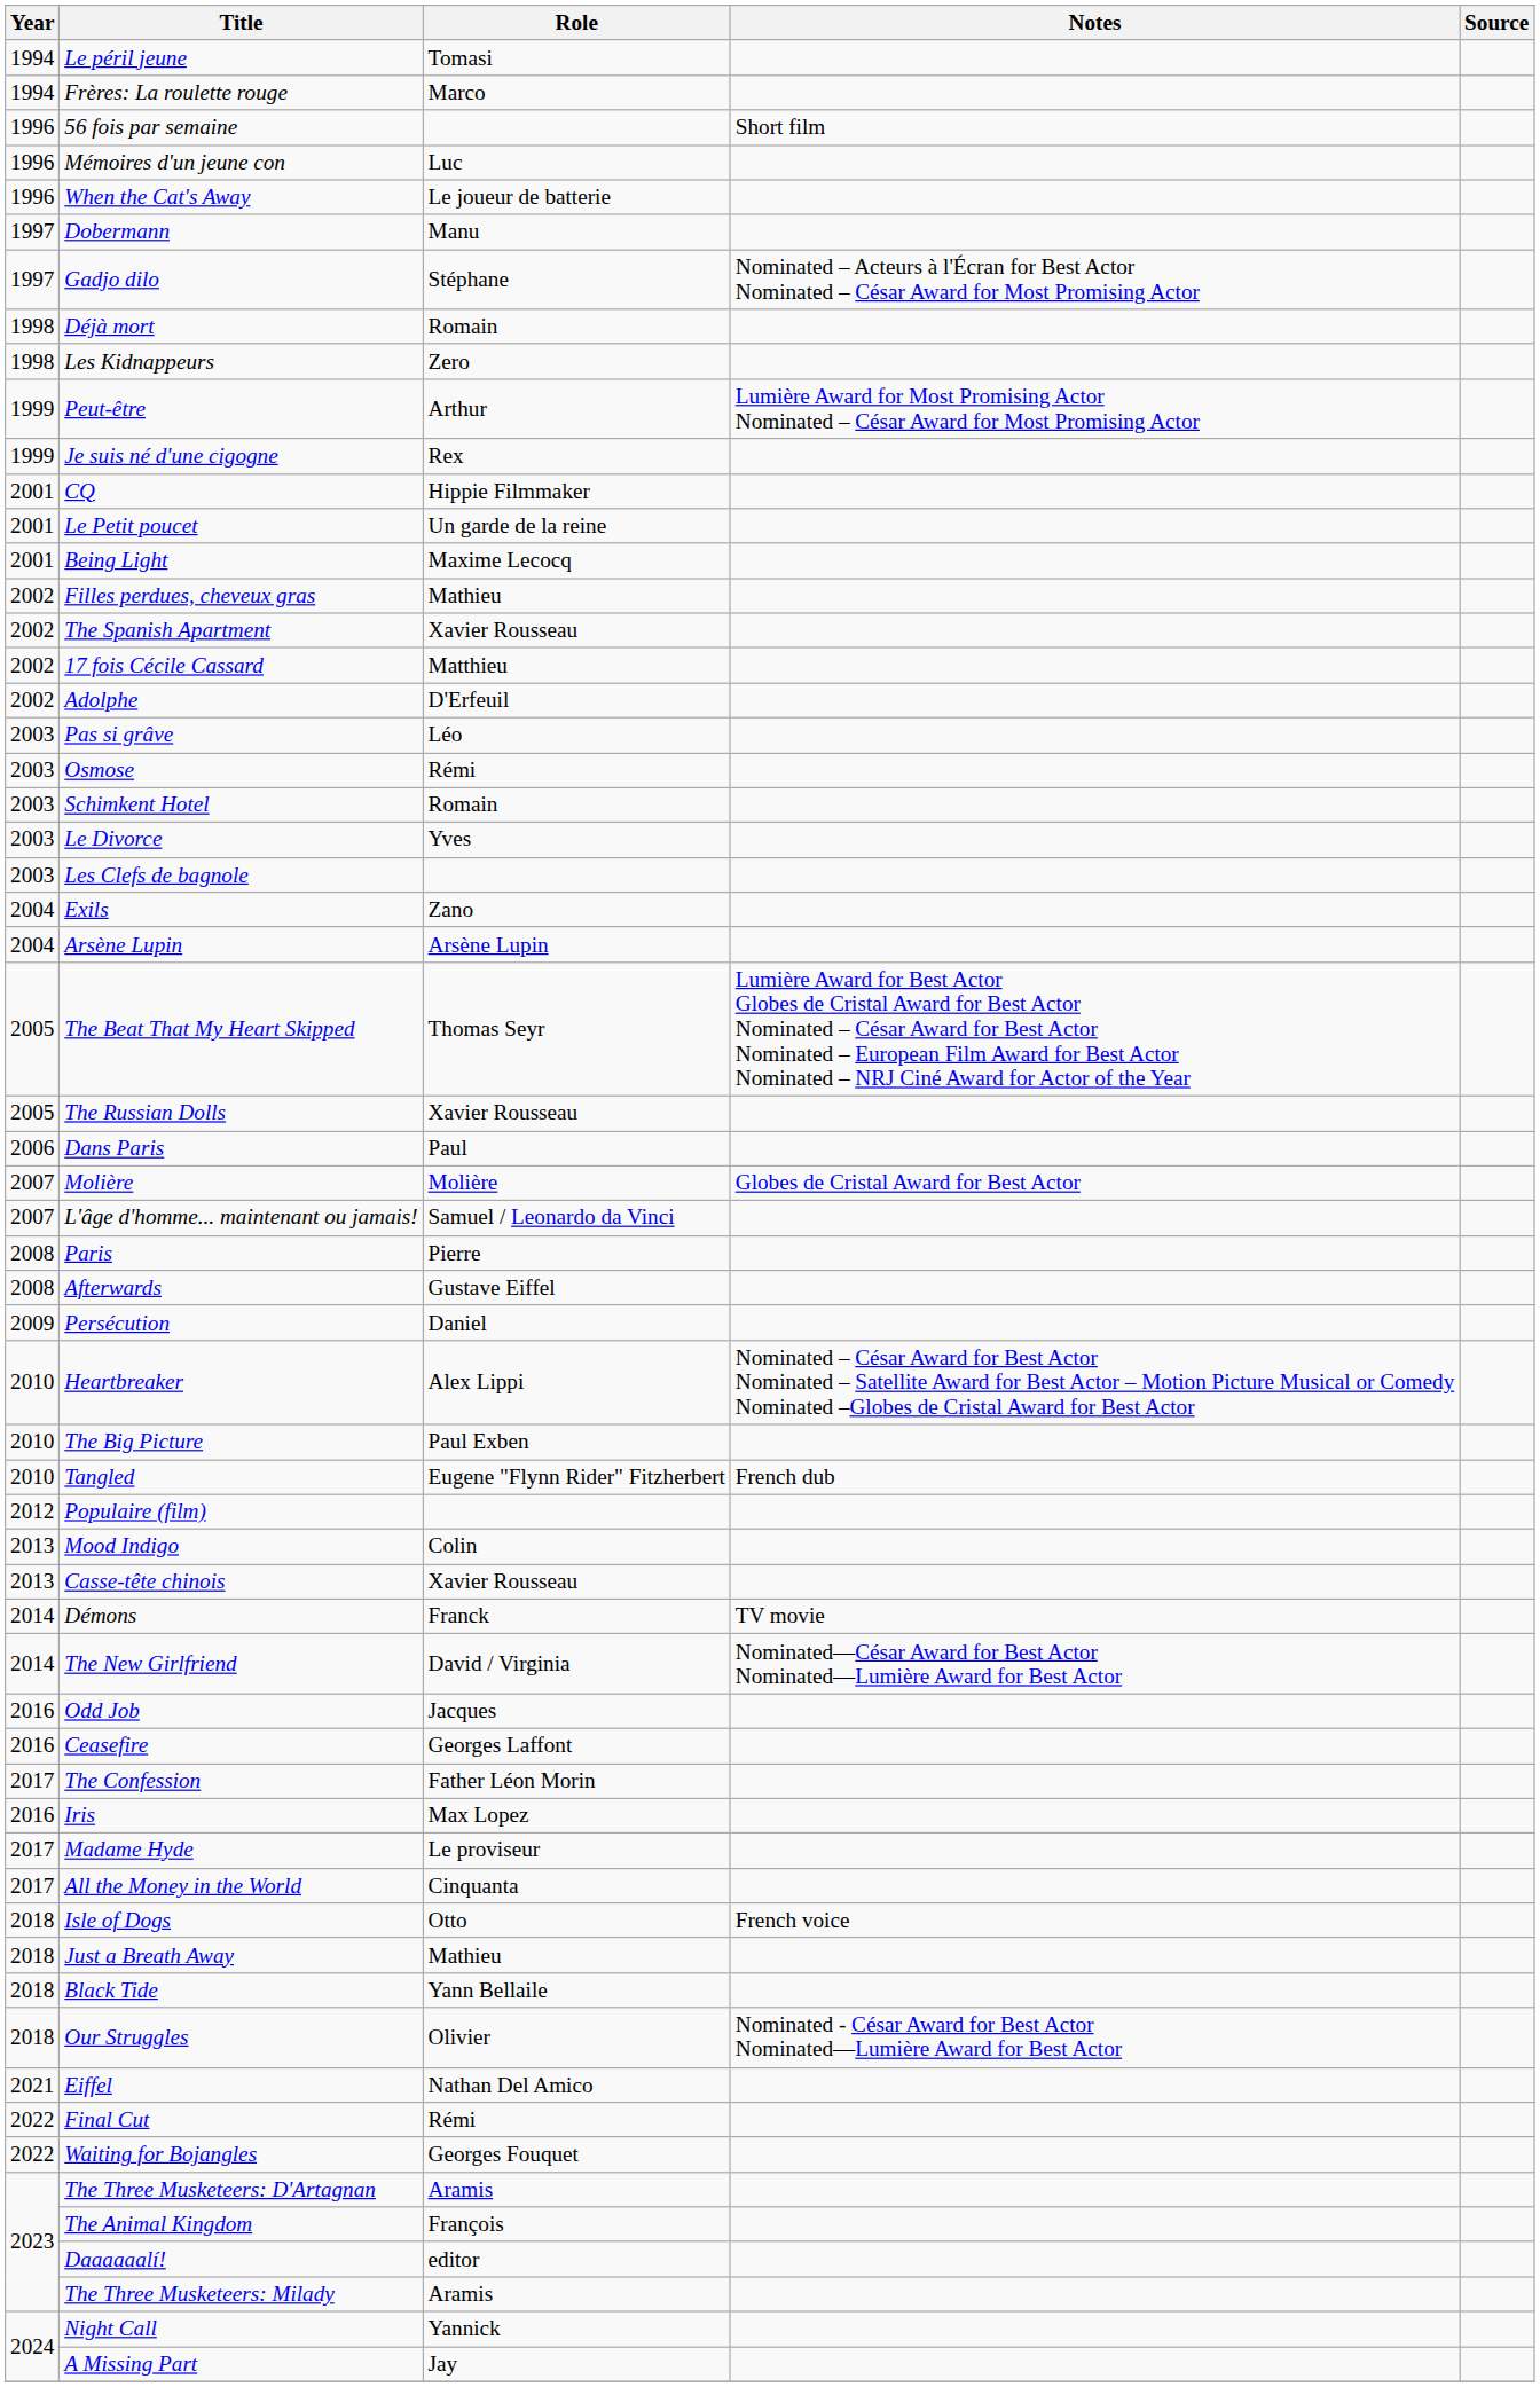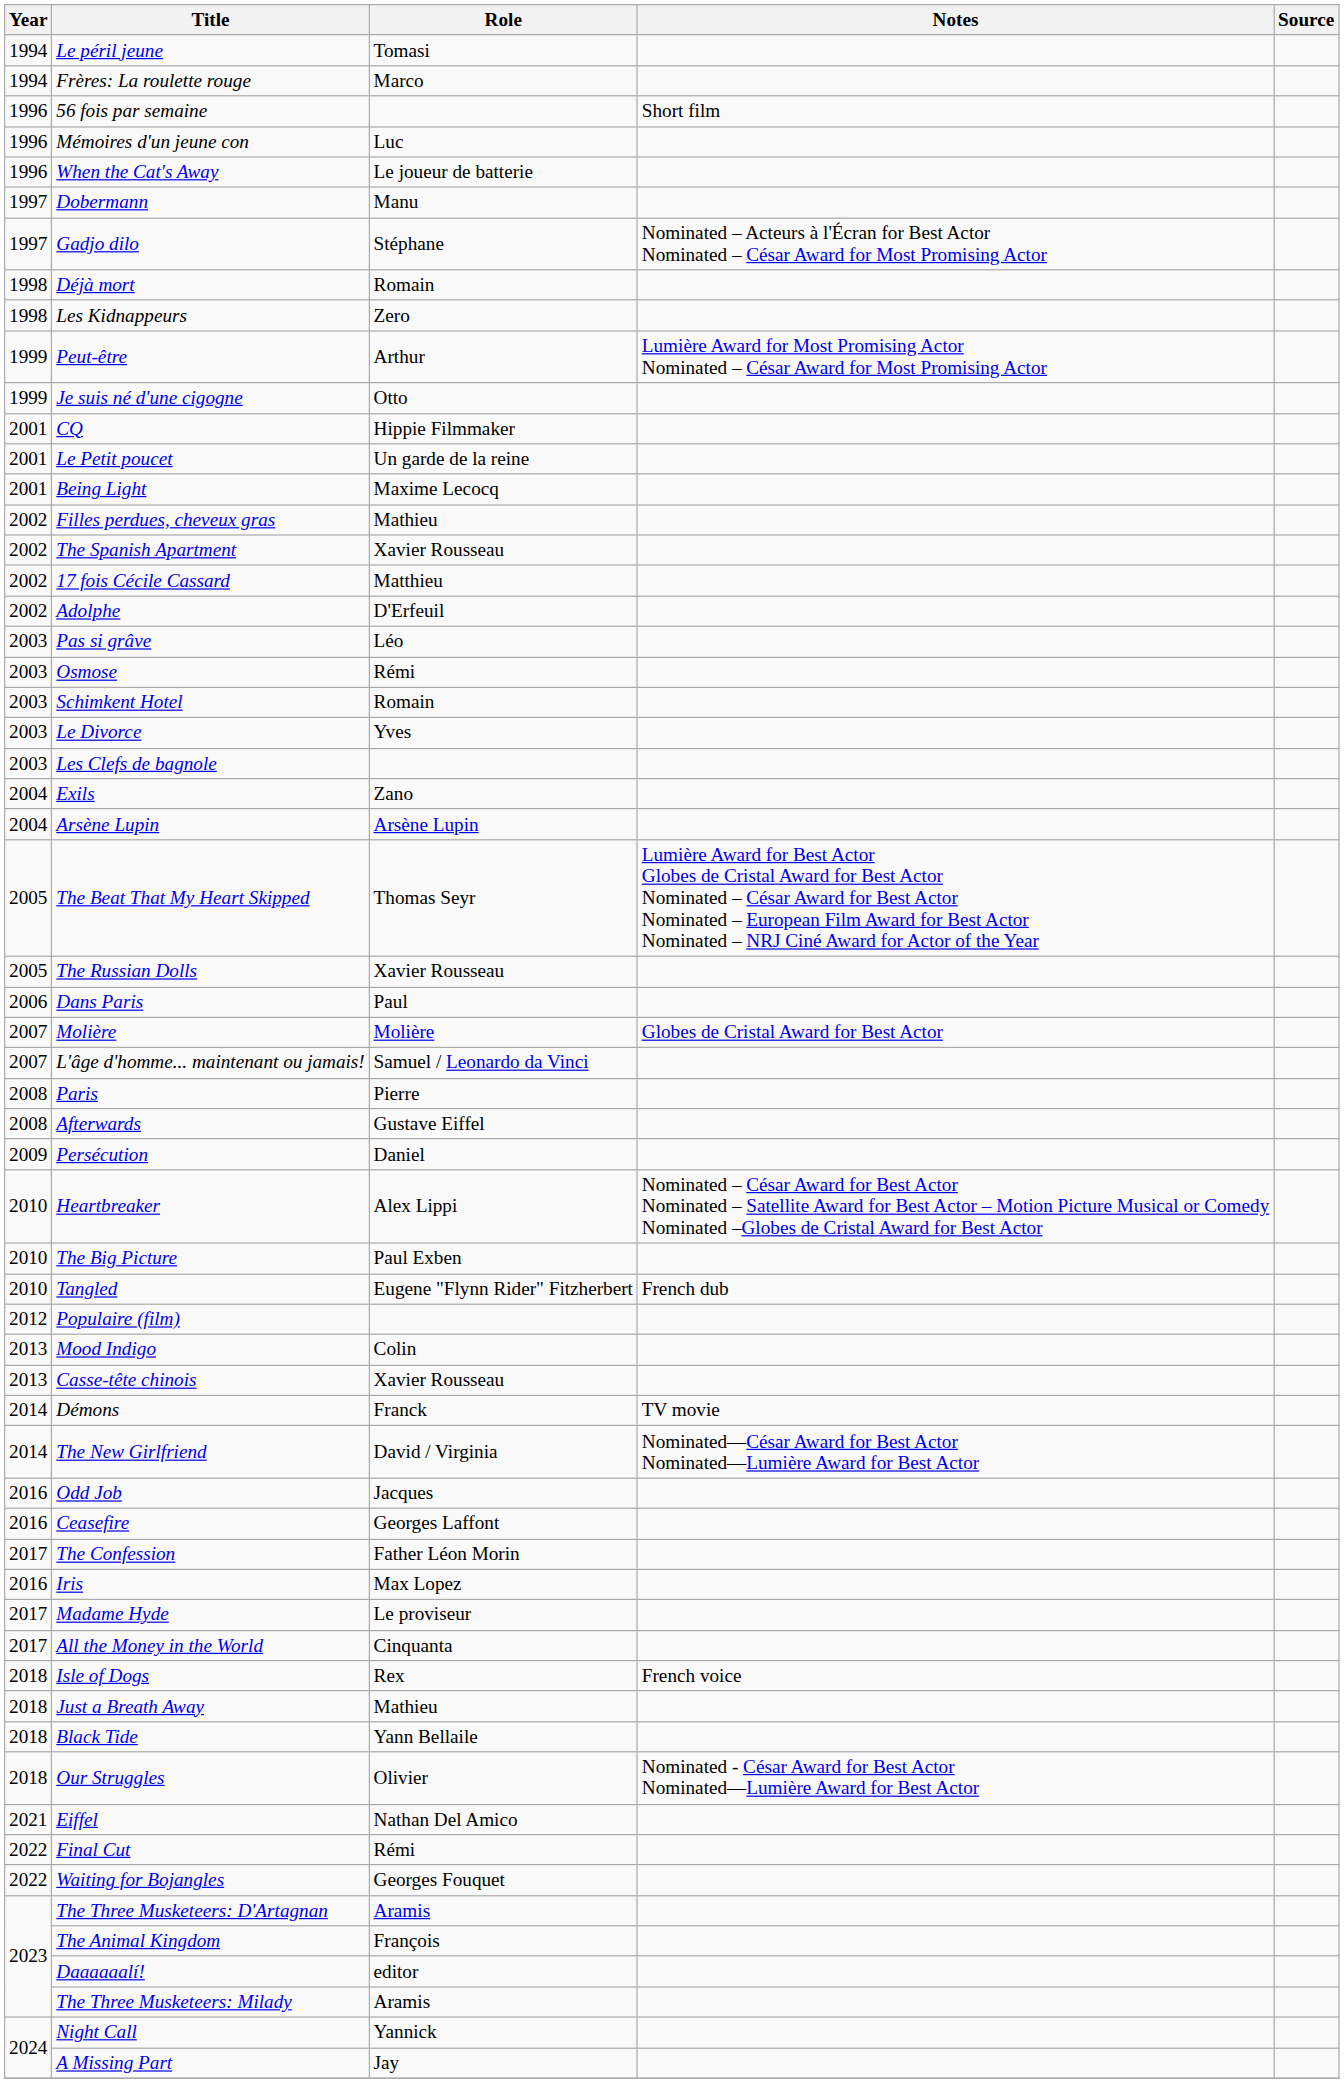 <table class="wikitable sortable">
 <tr>
 <th>Year</th>
 <th>Title</th>
 <th>Role</th>
 <th class="unsortable">Notes</th>
 <th class="unsortable">Source</th>
 </tr>
 <tr>
 <td>1994</td>
 <td><em><a href='#'>Le péril jeune</a></em></td>
 <td>Tomasi</td>
 <td></td>
 <td></td>
 </tr>
 <tr>
 <td>1994</td>
 <td><em>Frères: La roulette rouge</em></td>
 <td>Marco</td>
 <td></td>
 <td></td>
 </tr>
 <tr>
 <td>1996</td>
 <td><em>56 fois par semaine</em></td>
 <td></td>
 <td>Short film</td>
 <td></td>
 </tr>
 <tr>
 <td>1996</td>
 <td><em>Mémoires d'un jeune con</em></td>
 <td>Luc</td>
 <td></td>
 <td></td>
 </tr>
 <tr>
 <td>1996</td>
 <td><em><a href='#'>When the Cat's Away</a></em></td>
 <td>Le joueur de batterie</td>
 <td></td>
 <td></td>
 </tr>
 <tr>
 <td>1997</td>
 <td><em><a href='#'>Dobermann</a></em></td>
 <td>Manu</td>
 <td></td>
 <td></td>
 </tr>
 <tr>
 <td>1997</td>
 <td><em><a href='#'>Gadjo dilo</a></em></td>
 <td>Stéphane</td>
 <td>Nominated – Acteurs à l'Écran for Best Actor<br>Nominated – <a href='#'>César Award for Most Promising Actor</a></td>
 <td></td>
 </tr>
 <tr>
 <td>1998</td>
 <td><em><a href='#'>Déjà mort</a></em></td>
 <td>Romain</td>
 <td></td>
 <td></td>
 </tr>
 <tr>
 <td>1998</td>
 <td><em>Les Kidnappeurs </em></td>
 <td>Zero</td>
 <td></td>
 <td></td>
 </tr>
 <tr>
 <td>1999</td>
 <td><em><a href='#'>Peut-être</a></em></td>
 <td>Arthur</td>
 <td><a href='#'>Lumière Award for Most Promising Actor</a><br>Nominated – <a href='#'>César Award for Most Promising Actor</a></td>
 <td></td>
 </tr>
 <tr>
 <td>1999</td>
 <td><em><a href='#'>Je suis né d'une cigogne</a></em></td>
-<td>Rex</td>
+<td>Otto</td>
 <td></td>
 <td></td>
 </tr>
 <tr>
 <td>2001</td>
 <td><em><a href='#'>CQ</a></em></td>
 <td>Hippie Filmmaker</td>
 <td></td>
 <td></td>
 </tr>
 <tr>
 <td>2001</td>
 <td><em><a href='#'>Le Petit poucet</a></em></td>
 <td>Un garde de la reine</td>
 <td></td>
 <td></td>
 </tr>
 <tr>
 <td>2001</td>
 <td><em><a href='#'>Being Light</a></em></td>
 <td>Maxime Lecocq</td>
 <td></td>
 <td></td>
 </tr>
 <tr>
 <td>2002</td>
 <td><em><a href='#'>Filles perdues, cheveux gras</a></em></td>
 <td>Mathieu</td>
 <td></td>
 <td></td>
 </tr>
 <tr>
 <td>2002</td>
 <td><em><a href='#'>The Spanish Apartment</a></em></td>
 <td>Xavier Rousseau</td>
 <td></td>
 <td></td>
 </tr>
 <tr>
 <td>2002</td>
 <td><em><a href='#'>17 fois Cécile Cassard</a></em></td>
 <td>Matthieu</td>
 <td></td>
 <td></td>
 </tr>
 <tr>
 <td>2002</td>
 <td><em><a href='#'>Adolphe</a></em></td>
 <td>D'Erfeuil</td>
 <td></td>
 <td></td>
 </tr>
 <tr>
 <td>2003</td>
 <td><em><a href='#'>Pas si grâve</a></em></td>
 <td>Léo</td>
 <td></td>
 <td></td>
 </tr>
 <tr>
 <td>2003</td>
 <td><em><a href='#'>Osmose</a></em></td>
 <td>Rémi</td>
 <td></td>
 <td></td>
 </tr>
 <tr>
 <td>2003</td>
 <td><em><a href='#'>Schimkent Hotel</a></em></td>
 <td>Romain</td>
 <td></td>
 <td></td>
 </tr>
 <tr>
 <td>2003</td>
 <td><em><a href='#'>Le Divorce</a></em></td>
 <td>Yves</td>
 <td></td>
 <td></td>
 </tr>
 <tr>
 <td>2003</td>
 <td><em><a href='#'>Les Clefs de bagnole</a></em></td>
 <td></td>
 <td></td>
 <td></td>
 </tr>
 <tr>
 <td>2004</td>
 <td><em><a href='#'>Exils</a></em></td>
 <td>Zano</td>
 <td></td>
 <td></td>
 </tr>
 <tr>
 <td>2004</td>
 <td><em><a href='#'>Arsène Lupin</a></em></td>
 <td><a href='#'>Arsène Lupin</a></td>
 <td></td>
 <td></td>
 </tr>
 <tr>
 <td>2005</td>
 <td><em><a href='#'>The Beat That My Heart Skipped</a></em></td>
 <td>Thomas Seyr</td>
 <td><a href='#'>Lumière Award for Best Actor</a><br><a href='#'>Globes de Cristal Award for Best Actor</a><br>Nominated – <a href='#'>César Award for Best Actor</a><br>Nominated – <a href='#'>European Film Award for Best Actor</a><br>Nominated – <a href='#'>NRJ Ciné Award for Actor of the Year</a></td>
 <td></td>
 </tr>
 <tr>
 <td>2005</td>
 <td><em><a href='#'>The Russian Dolls</a></em></td>
 <td>Xavier Rousseau</td>
 <td></td>
 <td></td>
 </tr>
 <tr>
 <td>2006</td>
 <td><em><a href='#'>Dans Paris</a></em></td>
 <td>Paul</td>
 <td></td>
 <td></td>
 </tr>
 <tr>
 <td>2007</td>
 <td><em><a href='#'>Molière</a></em></td>
 <td><a href='#'>Molière</a></td>
 <td><a href='#'>Globes de Cristal Award for Best Actor</a></td>
 <td></td>
 </tr>
 <tr>
 <td>2007</td>
 <td><em>L'âge d'homme... maintenant ou jamais!</em></td>
 <td>Samuel / <a href='#'>Leonardo da Vinci</a></td>
 <td></td>
 <td></td>
 </tr>
 <tr>
 <td>2008</td>
 <td><em><a href='#'>Paris</a></em></td>
 <td>Pierre</td>
 <td></td>
 <td></td>
 </tr>
 <tr>
 <td>2008</td>
 <td><em><a href='#'>Afterwards</a></em></td>
 <td>Gustave Eiffel</td>
 <td></td>
 <td></td>
 </tr>
 <tr>
 <td>2009</td>
 <td><em><a href='#'>Persécution</a></em></td>
 <td>Daniel</td>
 <td></td>
 <td></td>
 </tr>
 <tr>
 <td>2010</td>
 <td><em><a href='#'>Heartbreaker</a></em></td>
 <td>Alex Lippi</td>
 <td>Nominated – <a href='#'>César Award for Best Actor</a><br>Nominated – <a href='#'>Satellite Award for Best Actor&nbsp;– Motion Picture Musical or Comedy</a><br>Nominated –<a href='#'>Globes de Cristal Award for Best Actor</a></td>
 <td></td>
 </tr>
 <tr>
 <td>2010</td>
 <td><em><a href='#'>The Big Picture</a></em></td>
 <td>Paul Exben</td>
 <td></td>
 <td></td>
 </tr>
 <tr>
 <td>2010</td>
 <td><em><a href='#'>Tangled</a></em></td>
 <td>Eugene "Flynn Rider" Fitzherbert</td>
 <td>French dub</td>
 <td></td>
 </tr>
 <tr>
 <td>2012</td>
 <td><em><a href='#'>Populaire (film)</a></em></td>
 <td></td>
 <td></td>
 </tr>
 <tr>
 <td>2013</td>
 <td><em><a href='#'>Mood Indigo</a></em></td>
 <td>Colin</td>
 <td></td>
 <td></td>
 </tr>
 <tr>
 <td>2013</td>
 <td><em><a href='#'>Casse-tête chinois</a></em></td>
 <td>Xavier Rousseau</td>
 <td></td>
 <td></td>
 </tr>
 <tr>
 <td>2014</td>
 <td><em>Démons</em></td>
 <td>Franck</td>
 <td>TV movie</td>
 <td></td>
 </tr>
 <tr>
 <td>2014</td>
 <td><em><a href='#'>The New Girlfriend</a></em></td>
 <td>David / Virginia</td>
 <td>Nominated—<a href='#'>César Award for Best Actor</a><br>Nominated—<a href='#'>Lumière Award for Best Actor</a></td>
 <td></td>
 </tr>
 <tr>
 <td>2016</td>
 <td><em><a href='#'>Odd Job</a></em></td>
 <td>Jacques</td>
 <td></td>
 <td></td>
 </tr>
 <tr>
 <td>2016</td>
 <td><em><a href='#'>Ceasefire</a></em></td>
 <td>Georges Laffont</td>
 <td></td>
 <td></td>
 </tr>
 <tr>
 <td>2017</td>
 <td><em><a href='#'>The Confession</a></em></td>
 <td>Father Léon Morin</td>
 <td></td>
 <td></td>
 </tr>
 <tr>
 <td>2016</td>
 <td><em><a href='#'>Iris</a></em></td>
 <td>Max Lopez</td>
 <td></td>
 <td></td>
 </tr>
 <tr>
 <td>2017</td>
 <td><em><a href='#'>Madame Hyde</a></em></td>
 <td>Le proviseur</td>
 <td></td>
 <td></td>
 </tr>
 <tr>
 <td>2017</td>
 <td><em><a href='#'>All the Money in the World</a></em></td>
 <td>Cinquanta</td>
 <td></td>
 <td></td>
 </tr>
 <tr>
 <td>2018</td>
 <td><em><a href='#'>Isle of Dogs</a></em></td>
-<td>Otto</td>
+<td>Rex</td>
 <td>French voice</td>
 <td></td>
 </tr>
 <tr>
 <td>2018</td>
 <td><em><a href='#'>Just a Breath Away</a></em></td>
 <td>Mathieu</td>
 <td></td>
 <td></td>
 </tr>
 <tr>
 <td>2018</td>
 <td><em><a href='#'>Black Tide</a></em></td>
 <td>Yann Bellaile</td>
 <td></td>
 <td></td>
 </tr>
 <tr>
 <td>2018</td>
 <td><em><a href='#'>Our Struggles</a></em></td>
 <td>Olivier</td>
 <td>Nominated - <a href='#'>César Award for Best Actor</a><br>Nominated—<a href='#'>Lumière Award for Best Actor</a></td>
 <td></td>
 </tr>
 <tr>
 <td>2021</td>
 <td><em><a href='#'>Eiffel</a></em></td>
 <td>Nathan Del Amico</td>
 <td></td>
 <td></td>
 </tr>
 <tr>
 <td>2022</td>
 <td><em><a href='#'>Final Cut</a></em></td>
 <td>Rémi</td>
 <td></td>
 <td></td>
 </tr>
 <tr>
 <td>2022</td>
 <td><em><a href='#'>Waiting for Bojangles</a></em></td>
 <td>Georges Fouquet</td>
 <td></td>
 <td></td>
 </tr>
 <tr>
 <td rowspan="4">2023</td>
 <td><em><a href='#'>The Three Musketeers: D'Artagnan</a></em></td>
 <td><a href='#'>Aramis</a></td>
 <td></td>
 <td></td>
 </tr>
 <tr>
 <td><em><a href='#'>The Animal Kingdom</a></em></td>
 <td>François</td>
 <td></td>
 <td></td>
 </tr>
 <tr>
 <td><em><a href='#'>Daaaaaalí!</a></em></td>
 <td>editor</td>
 <td></td>
 <td></td>
 </tr>
 <tr>
 <td><em><a href='#'>The Three Musketeers: Milady</a></em></td>
 <td>Aramis</td>
 <td></td>
 <td></td>
 </tr>
 <tr>
 <td rowspan="2">2024</td>
 <td><em><a href='#'>Night Call</a></em></td>
 <td>Yannick</td>
 <td></td>
 <td></td>
 </tr>
 <tr>
 <td><em><a href='#'>A Missing Part</a></em></td>
 <td>Jay</td>
 <td></td>
 <td></td>
 </tr>
 <tr>
 </tr>
 </table>
